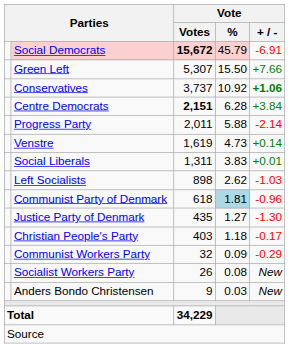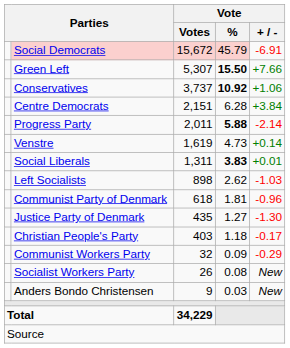 <table class="wikitable" style="text-align:right;">
 <tr>
 <th style="text-align:centre;" rowspan="2" colspan="2" width="225">Parties</th>
 <th colspan="3">Vote</th>
 </tr>
 <tr>
 <th width="15">Votes</th>
 <th width="15">%</th>
 <th width="15">+ / -</th>
 </tr>
 <tr>
 <td width="2" style="color:inherit;background:"></td>
 <td bgcolor=#fbd0ce  align="left"><a href='#'>Social Democrats</a></td>
-<td bgcolor=#fbd0ce><strong>15,672</strong></td>
+<td bgcolor=#fbd0ce>15,672</td>
 <td bgcolor=#fbd0ce>45.79</td>
 <td style=color:red;>-6.91</td>
 </tr>
 <tr>
 <td width="2" style="color:inherit;background:"></td>
 <td align="left"><a href='#'>Green Left</a></td>
 <td>5,307</td>
-<td>15.50</td>
+<td><strong>15.50</strong></td>
 <td style=color:green;>+7.66</td>
 </tr>
 <tr>
 <td width="2" style="color:inherit;background:"></td>
 <td align="left"><a href='#'>Conservatives</a></td>
 <td>3,737</td>
-<td>10.92</td>
-<td style=color:green;><strong>+1.06</strong></td>
+<td><strong>10.92</strong></td>
+<td style=color:green;>+1.06</td>
 </tr>
 <tr>
 <td width="2" style="color:inherit;background:"></td>
 <td align="left"><a href='#'>Centre Democrats</a></td>
-<td><strong>2,151</strong></td>
+<td>2,151</td>
 <td>6.28</td>
 <td style=color:green;>+3.84</td>
 </tr>
 <tr>
 <td width="2" style="color:inherit;background:"></td>
 <td align="left"><a href='#'>Progress Party</a></td>
 <td>2,011</td>
-<td>5.88</td>
+<td><strong>5.88</strong></td>
 <td style=color:red;>-2.14</td>
 </tr>
 <tr>
 <td width="2" style="color:inherit;background:"></td>
 <td align="left"><a href='#'>Venstre</a></td>
 <td>1,619</td>
 <td>4.73</td>
 <td style=color:green;>+0.14</td>
 </tr>
 <tr>
 <td width="2" style="color:inherit;background:"></td>
 <td align="left"><a href='#'>Social Liberals</a></td>
 <td>1,311</td>
-<td>3.83</td>
+<td><strong>3.83</strong></td>
 <td style=color:green;>+0.01</td>
 </tr>
 <tr>
 <td width="2" style="color:inherit;background:"></td>
 <td align="left"><a href='#'>Left Socialists</a></td>
 <td>898</td>
 <td>2.62</td>
 <td style=color:red;>-1.03</td>
 </tr>
 <tr>
 <td width="2" style="color:inherit;background:"></td>
 <td align="left"><a href='#'>Communist Party of Denmark</a></td>
 <td>618</td>
-<td style="background: lightblue;">1.81</td>
+<td>1.81</td>
 <td style=color:red;>-0.96</td>
 </tr>
 <tr>
 <td width="2" style="color:inherit;background:"></td>
 <td align="left"><a href='#'>Justice Party of Denmark</a></td>
 <td>435</td>
 <td>1.27</td>
 <td style=color:red;>-1.30</td>
 </tr>
 <tr>
 <td width="2" style="color:inherit;background:"></td>
 <td align="left"><a href='#'>Christian People's Party</a></td>
 <td>403</td>
 <td>1.18</td>
 <td style=color:red;>-0.17</td>
 </tr>
 <tr>
 <td width="2" style="color:inherit;background:"></td>
 <td align="left"><a href='#'>Communist Workers Party</a></td>
 <td>32</td>
 <td>0.09</td>
 <td style=color:red;>-0.29</td>
 </tr>
 <tr>
 <td width="2" style="color:inherit;background:"></td>
 <td align="left"><a href='#'>Socialist Workers Party</a></td>
 <td>26</td>
 <td>0.08</td>
 <td><em>New</em></td>
 </tr>
 <tr>
 <td width="2" style="color:inherit;background:"></td>
 <td align="left">Anders Bondo Christensen</td>
 <td>9</td>
 <td>0.03</td>
 <td><em>New</em></td>
 </tr>
 <tr>
 <td colspan="7" bgcolor="#E9E9E9"></td>
 </tr>
 <tr>
 <td align="left" colspan="2"><strong>Total</strong></td>
 <td><strong>34,229</strong></td>
 <td bgcolor="#E9E9E9" colspan="2"></td>
 </tr>
 <tr>
 <td align="left" colspan="6">Source</td>
 </tr>
 </table>
